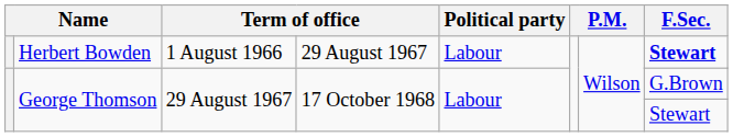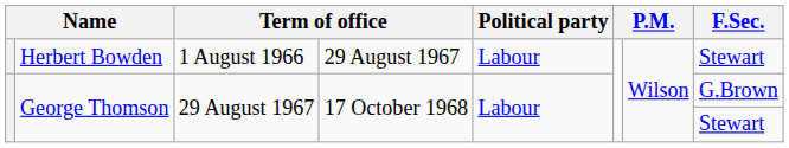 <table class="wikitable">
 <tr>
 <th colspan=2>Name</th>
 <th colspan=2>Term of office</th>
 <th>Political party</th>
 <th colspan=2><a href='#'>P.M.</a></th>
 <th><a href='#'>F.Sec.</a></th>
 </tr>
 <tr>
 <th rowspan=2 style="background-color: "></th>
 <td rowspan=2><a href='#'>Herbert Bowden</a></td>
 <td rowspan=2>1 August 1966</td>
 <td rowspan=2>29 August 1967</td>
 <td rowspan=2><a href='#'>Labour</a></td>
 <td rowspan=4 style="background-color: "></td>
 <td rowspan=4><a href='#'>Wilson</a></td>
-<td><strong><a href='#'>Stewart</a></strong></td>
+<td><a href='#'>Stewart</a></td>
 </tr>
 <tr>
 <td rowspan=2><a href='#'>G.Brown</a></td>
 </tr>
 <tr>
 <th rowspan=2 style="background-color: "></th>
 <td rowspan=2><a href='#'>George Thomson</a></td>
 <td rowspan=2>29 August 1967</td>
 <td rowspan=2>17 October 1968</td>
 <td rowspan=2><a href='#'>Labour</a></td>
 </tr>
 <tr>
 <td><a href='#'>Stewart</a></td>
 </tr>
 </table>
